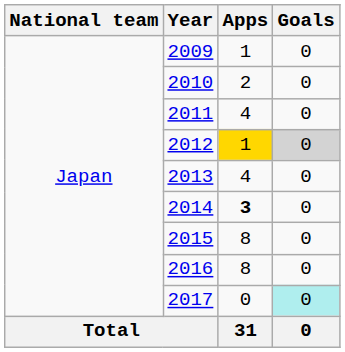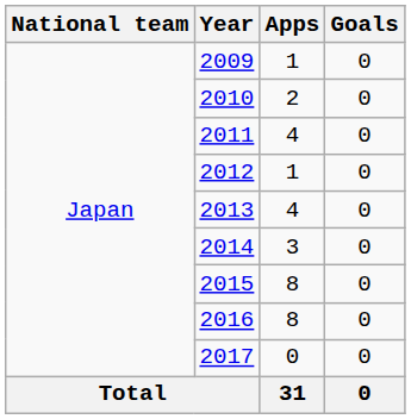 <table class="wikitable" style="text-align:center">
 <tr>
 <th>National team</th>
 <th>Year</th>
 <th>Apps</th>
 <th>Goals</th>
 </tr>
 <tr>
 <td rowspan="9"><a href='#'>Japan</a></td>
 <td><a href='#'>2009</a></td>
 <td>1</td>
 <td>0</td>
 </tr>
 <tr>
 <td><a href='#'>2010</a></td>
 <td>2</td>
 <td>0</td>
 </tr>
 <tr>
 <td><a href='#'>2011</a></td>
 <td>4</td>
 <td>0</td>
 </tr>
 <tr>
 <td><a href='#'>2012</a></td>
-<td style="background: gold;">1</td>
-<td style="background: lightgrey;">0</td>
+<td>1</td>
+<td>0</td>
 </tr>
 <tr>
 <td><a href='#'>2013</a></td>
 <td>4</td>
 <td>0</td>
 </tr>
 <tr>
 <td><a href='#'>2014</a></td>
-<td><strong>3</strong></td>
+<td>3</td>
 <td>0</td>
 </tr>
 <tr>
 <td><a href='#'>2015</a></td>
 <td>8</td>
 <td>0</td>
 </tr>
 <tr>
 <td><a href='#'>2016</a></td>
 <td>8</td>
 <td>0</td>
 </tr>
 <tr>
 <td><a href='#'>2017</a></td>
 <td>0</td>
-<td style="background: paleturquoise;">0</td>
+<td>0</td>
 </tr>
 <tr>
 <th colspan="2">Total</th>
 <th>31</th>
 <th>0</th>
 </tr>
 </table>
